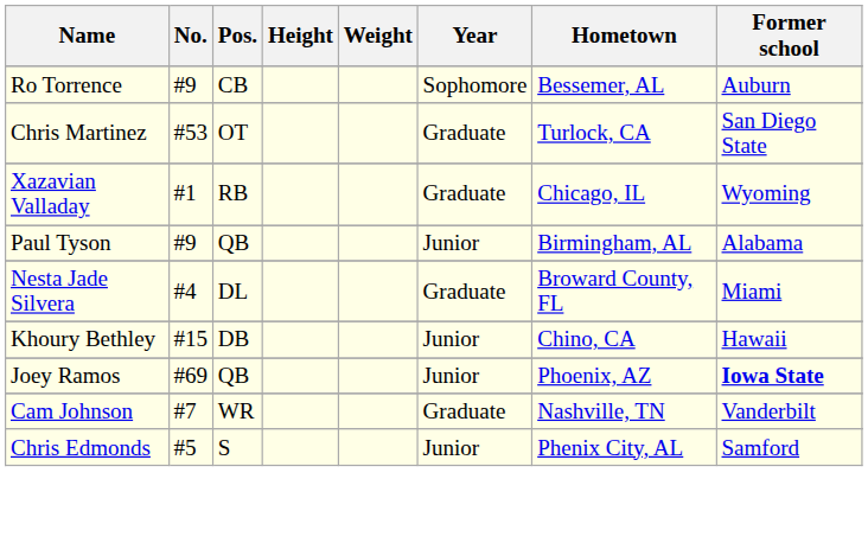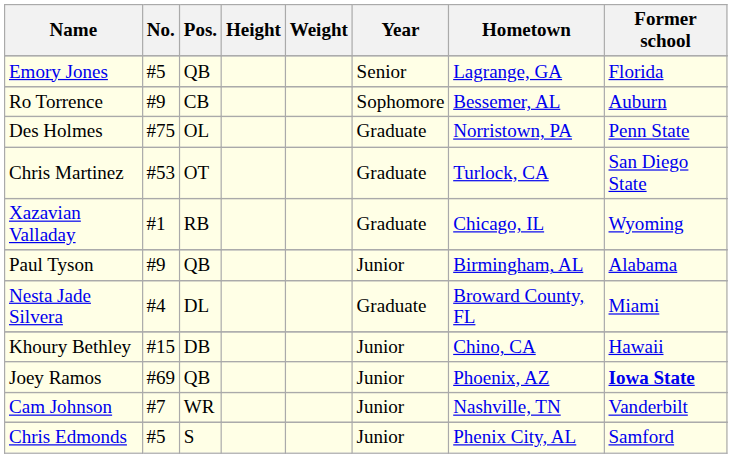 <table class="wikitable sortable">
 <tr>
 <th>Name</th>
 <th>No.</th>
 <th>Pos.</th>
 <th>Height</th>
 <th>Weight</th>
 <th>Year</th>
 <th>Hometown</th>
 <th class="unsortable">Former school</th>
 </tr>
 <tr>
+</tr>
+<tr style="background:#FFFFE6;">
+<td><a href='#'>Emory Jones</a></td>
+<td>#5</td>
+<td>QB</td>
+<td></td>
+<td></td>
+<td> Senior</td>
+<td><a href='#'>Lagrange, GA</a></td>
+<td><a href='#'>Florida</a></td>
 </tr>
 <tr>
 </tr>
 <tr style="background:#FFFFE6;">
 <td>Ro Torrence</td>
 <td>#9</td>
 <td>CB</td>
 <td></td>
 <td></td>
 <td> Sophomore</td>
 <td><a href='#'>Bessemer, AL</a></td>
 <td><a href='#'>Auburn</a></td>
 </tr>
 <tr>
+</tr>
+<tr style="background:#FFFFE6;">
+<td>Des Holmes</td>
+<td>#75</td>
+<td>OL</td>
+<td></td>
+<td></td>
+<td>Graduate</td>
+<td><a href='#'>Norristown, PA</a></td>
+<td><a href='#'>Penn State</a></td>
 </tr>
 <tr>
 </tr>
 <tr style="background:#FFFFE6;">
 <td>Chris Martinez</td>
 <td>#53</td>
 <td>OT</td>
 <td></td>
 <td></td>
 <td>Graduate</td>
 <td><a href='#'>Turlock, CA</a></td>
 <td><a href='#'>San Diego State</a></td>
 </tr>
 <tr>
 </tr>
 <tr style="background:#FFFFE6;">
 <td><a href='#'>Xazavian Valladay</a></td>
 <td>#1</td>
 <td>RB</td>
 <td></td>
 <td></td>
 <td>Graduate</td>
 <td><a href='#'>Chicago, IL</a></td>
 <td><a href='#'>Wyoming</a></td>
 </tr>
 <tr>
 </tr>
 <tr style="background:#FFFFE6;">
 <td>Paul Tyson</td>
 <td>#9</td>
 <td>QB</td>
 <td></td>
 <td></td>
 <td> Junior</td>
 <td><a href='#'>Birmingham, AL</a></td>
 <td><a href='#'>Alabama</a></td>
 </tr>
 <tr>
 </tr>
 <tr style="background:#FFFFE6;">
 <td><a href='#'>Nesta Jade Silvera</a></td>
 <td>#4</td>
 <td>DL</td>
 <td></td>
 <td></td>
 <td>Graduate</td>
 <td><a href='#'>Broward County, FL</a></td>
 <td><a href='#'>Miami</a></td>
 </tr>
 <tr>
 </tr>
 <tr style="background:#FFFFE6;">
 <td>Khoury Bethley</td>
 <td>#15</td>
 <td>DB</td>
 <td></td>
 <td></td>
 <td> Junior</td>
 <td><a href='#'>Chino, CA</a></td>
 <td><a href='#'>Hawaii</a></td>
 </tr>
 <tr>
 </tr>
 <tr style="background:#FFFFE6;">
 <td>Joey Ramos</td>
 <td>#69</td>
 <td>QB</td>
 <td></td>
 <td></td>
 <td> Junior</td>
 <td><a href='#'>Phoenix, AZ</a></td>
 <td><strong><a href='#'>Iowa State</a></strong></td>
 </tr>
 <tr>
 </tr>
 <tr style="background:#FFFFE6;">
 <td><a href='#'>Cam Johnson</a></td>
 <td>#7</td>
 <td>WR</td>
 <td></td>
 <td></td>
-<td>Graduate</td>
+<td> Junior</td>
 <td><a href='#'>Nashville, TN</a></td>
 <td><a href='#'>Vanderbilt</a></td>
 </tr>
 <tr>
 </tr>
 <tr style="background:#FFFFE6;">
 <td><a href='#'>Chris Edmonds</a></td>
 <td>#5</td>
 <td>S</td>
 <td></td>
 <td></td>
 <td>Junior</td>
 <td><a href='#'>Phenix City, AL</a></td>
 <td><a href='#'>Samford</a></td>
 </tr>
 </table>
